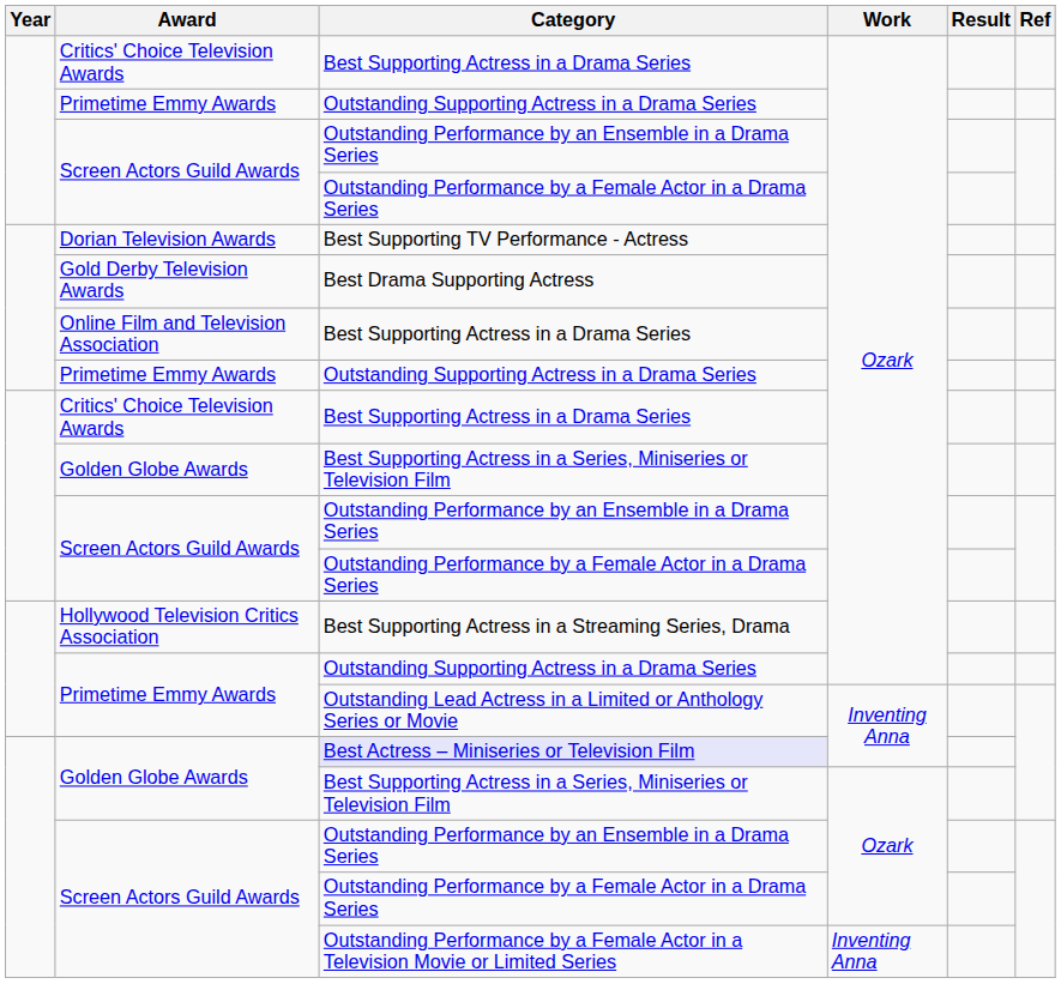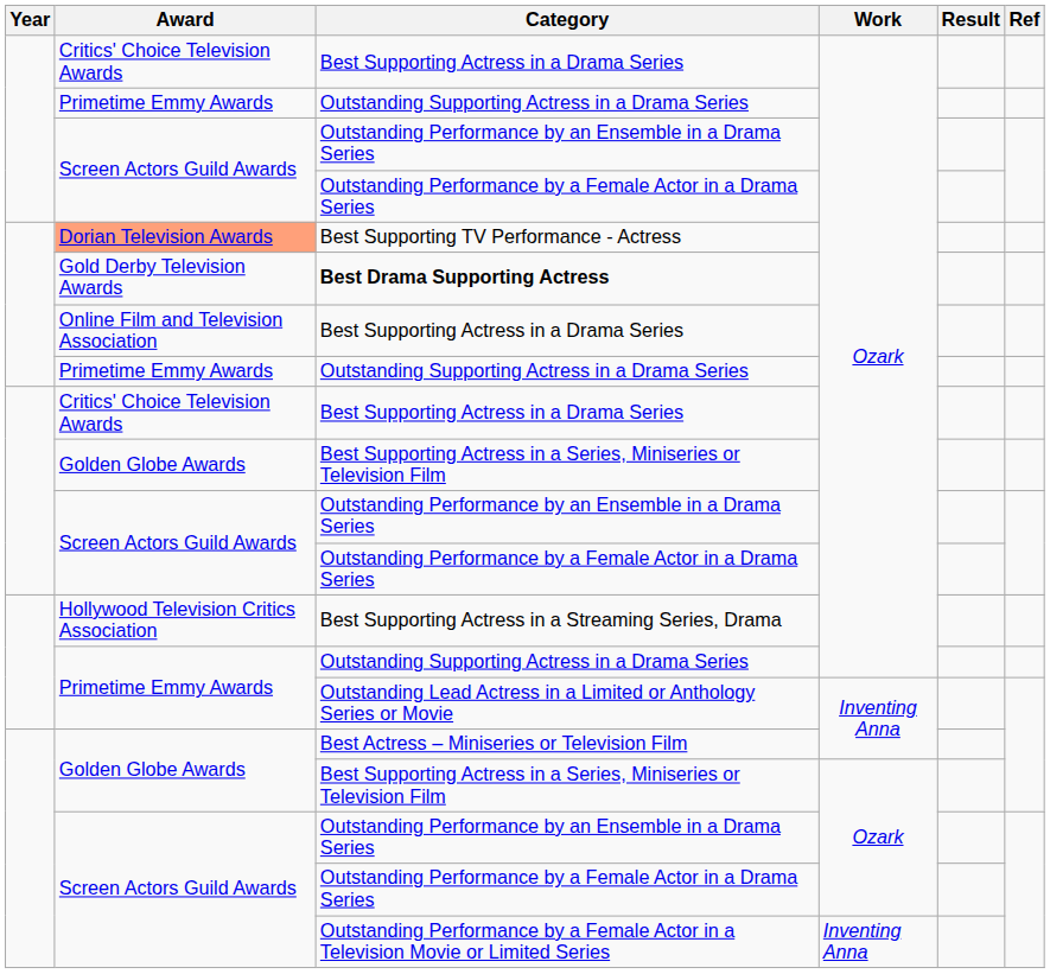 <table class="wikitable sortable">
 <tr>
 <th>Year</th>
 <th>Award</th>
 <th>Category</th>
 <th>Work</th>
 <th>Result</th>
 <th>Ref</th>
 </tr>
 <tr>
 <td rowspan="4"></td>
 <td><a href='#'>Critics' Choice Television Awards</a></td>
 <td><a href='#'>Best Supporting Actress in a Drama Series</a></td>
 <td rowspan="14" style="text-align:center;"><em><a href='#'>Ozark</a></em></td>
 <td></td>
 <td style="text-align:center;"></td>
 </tr>
 <tr>
 <td><a href='#'>Primetime Emmy Awards</a></td>
 <td><a href='#'>Outstanding Supporting Actress in a Drama Series</a></td>
 <td></td>
 <td style="text-align:center;"></td>
 </tr>
 <tr>
 <td rowspan="2"><a href='#'>Screen Actors Guild Awards</a></td>
 <td><a href='#'>Outstanding Performance by an Ensemble in a Drama Series</a></td>
 <td></td>
 <td rowspan="2"style="text-align:center;"></td>
 </tr>
 <tr>
 <td><a href='#'>Outstanding Performance by a Female Actor in a Drama Series</a></td>
 <td></td>
 </tr>
 <tr>
 <td rowspan="4"></td>
-<td><a href='#'>Dorian Television Awards</a></td>
+<td style="background: lightsalmon;"><a href='#'>Dorian Television Awards</a></td>
 <td>Best Supporting TV Performance - Actress</td>
 <td></td>
 <td align="center"></td>
 </tr>
 <tr>
 <td><a href='#'>Gold Derby Television Awards</a></td>
-<td>Best Drama Supporting Actress</td>
+<td><strong>Best Drama Supporting Actress</strong></td>
 <td></td>
 <td style="text-align:center;"></td>
 </tr>
 <tr>
 <td><a href='#'>Online Film and Television Association</a></td>
 <td>Best Supporting Actress in a Drama Series</td>
 <td></td>
 <td style="text-align:center;"></td>
 </tr>
 <tr>
 <td><a href='#'>Primetime Emmy Awards</a></td>
 <td><a href='#'>Outstanding Supporting Actress in a Drama Series</a></td>
 <td></td>
 <td style="text-align:center;"></td>
 </tr>
 <tr>
 <td rowspan="4"></td>
 <td><a href='#'>Critics' Choice Television Awards</a></td>
 <td><a href='#'>Best Supporting Actress in a Drama Series</a></td>
 <td></td>
 <td style="text-align:center;"></td>
 </tr>
 <tr>
 <td><a href='#'>Golden Globe Awards</a></td>
 <td><a href='#'>Best Supporting Actress in a Series, Miniseries or Television Film</a></td>
 <td></td>
 <td style="text-align:center;"></td>
 </tr>
 <tr>
 <td rowspan="2"><a href='#'>Screen Actors Guild Awards</a></td>
 <td><a href='#'>Outstanding Performance by an Ensemble in a Drama Series</a></td>
 <td></td>
 <td rowspan="2"style="text-align:center;"></td>
 </tr>
 <tr>
 <td><a href='#'>Outstanding Performance by a Female Actor in a Drama Series</a></td>
 <td></td>
 </tr>
 <tr>
 <td rowspan="3"></td>
 <td><a href='#'>Hollywood Television Critics Association</a></td>
 <td>Best Supporting Actress in a Streaming Series, Drama</td>
 <td></td>
 <td style="text-align: center;"></td>
 </tr>
 <tr>
 <td rowspan="2"><a href='#'>Primetime Emmy Awards</a></td>
 <td><a href='#'>Outstanding Supporting Actress in a Drama Series</a></td>
 <td></td>
 <td align="center"></td>
 </tr>
 <tr>
 <td><a href='#'>Outstanding Lead Actress in a Limited or Anthology Series or Movie</a></td>
 <td rowspan="2"style="text-align:center;"><em><a href='#'>Inventing Anna</a></em></td>
 <td></td>
 </tr>
 <tr>
 <td rowspan="5"></td>
 <td rowspan="2"><a href='#'>Golden Globe Awards</a></td>
-<td style="background: lavender;"><a href='#'> Best Actress – Miniseries or Television Film</a></td>
+<td><a href='#'> Best Actress – Miniseries or Television Film</a></td>
 <td></td>
 </tr>
 <tr>
 <td><a href='#'>Best Supporting Actress in a Series, Miniseries or Television Film</a></td>
 <td rowspan="3"style="text-align:center;"><em><a href='#'>Ozark</a></em></td>
 <td></td>
 </tr>
 <tr>
 <td rowspan="3"><a href='#'>Screen Actors Guild Awards</a></td>
 <td><a href='#'>Outstanding Performance by an Ensemble in a Drama Series</a></td>
 <td></td>
 <td rowspan="3"style="text-align:center;"></td>
 </tr>
 <tr>
 <td><a href='#'>Outstanding Performance by a Female Actor in a Drama Series</a></td>
 <td></td>
 </tr>
 <tr>
 <td><a href='#'>Outstanding Performance by a Female Actor in a Television Movie or Limited Series</a></td>
 <td><em><a href='#'>Inventing Anna</a></em></td>
 <td></td>
 </tr>
 </table>
